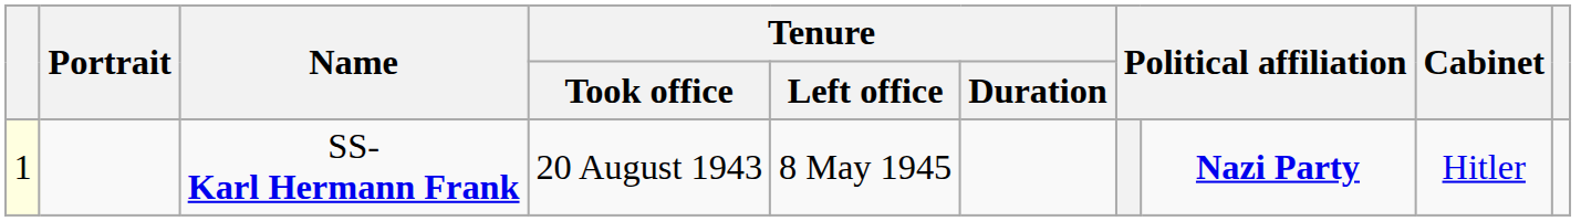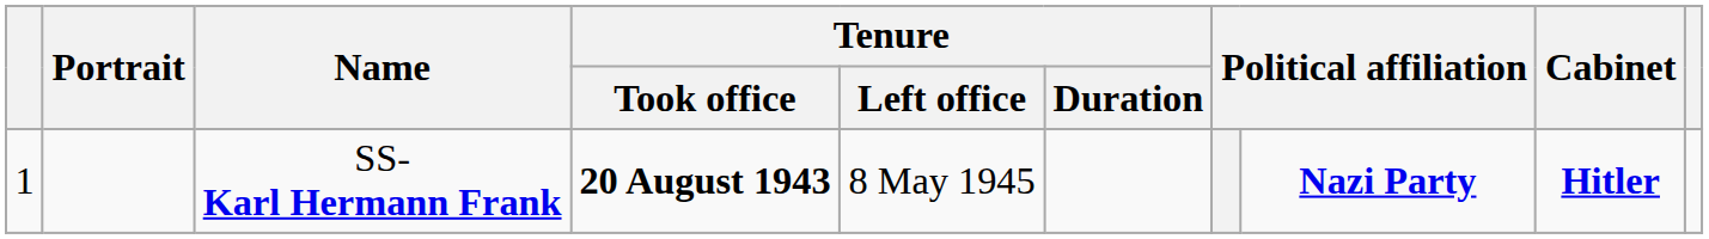 <table class="wikitable" style="text-align:center">
 <tr>
 <th rowspan=2></th>
 <th rowspan=2>Portrait</th>
 <th rowspan=2>Name<br></th>
 <th colspan=3>Tenure</th>
 <th rowspan=2 colspan=2>Political affiliation</th>
 <th rowspan=2>Cabinet</th>
 <th rowspan=2></th>
 </tr>
 <tr>
 <th>Took office</th>
 <th>Left office</th>
 <th>Duration</th>
 </tr>
 <tr>
-<td style="background: lightyellow;">1</td>
+<td>1</td>
 <td></td>
 <td>SS-<br><strong><a href='#'>Karl Hermann Frank</a></strong><br></td>
-<td>20 August 1943</td>
+<td><strong>20 August 1943</strong></td>
 <td>8 May 1945</td>
 <td></td>
 <th style="background:"></th>
 <td><strong><a href='#'>Nazi Party</a></strong></td>
-<td><a href='#'>Hitler</a></td>
+<td><strong><a href='#'>Hitler</a></strong></td>
 <td></td>
 </tr>
 </table>
